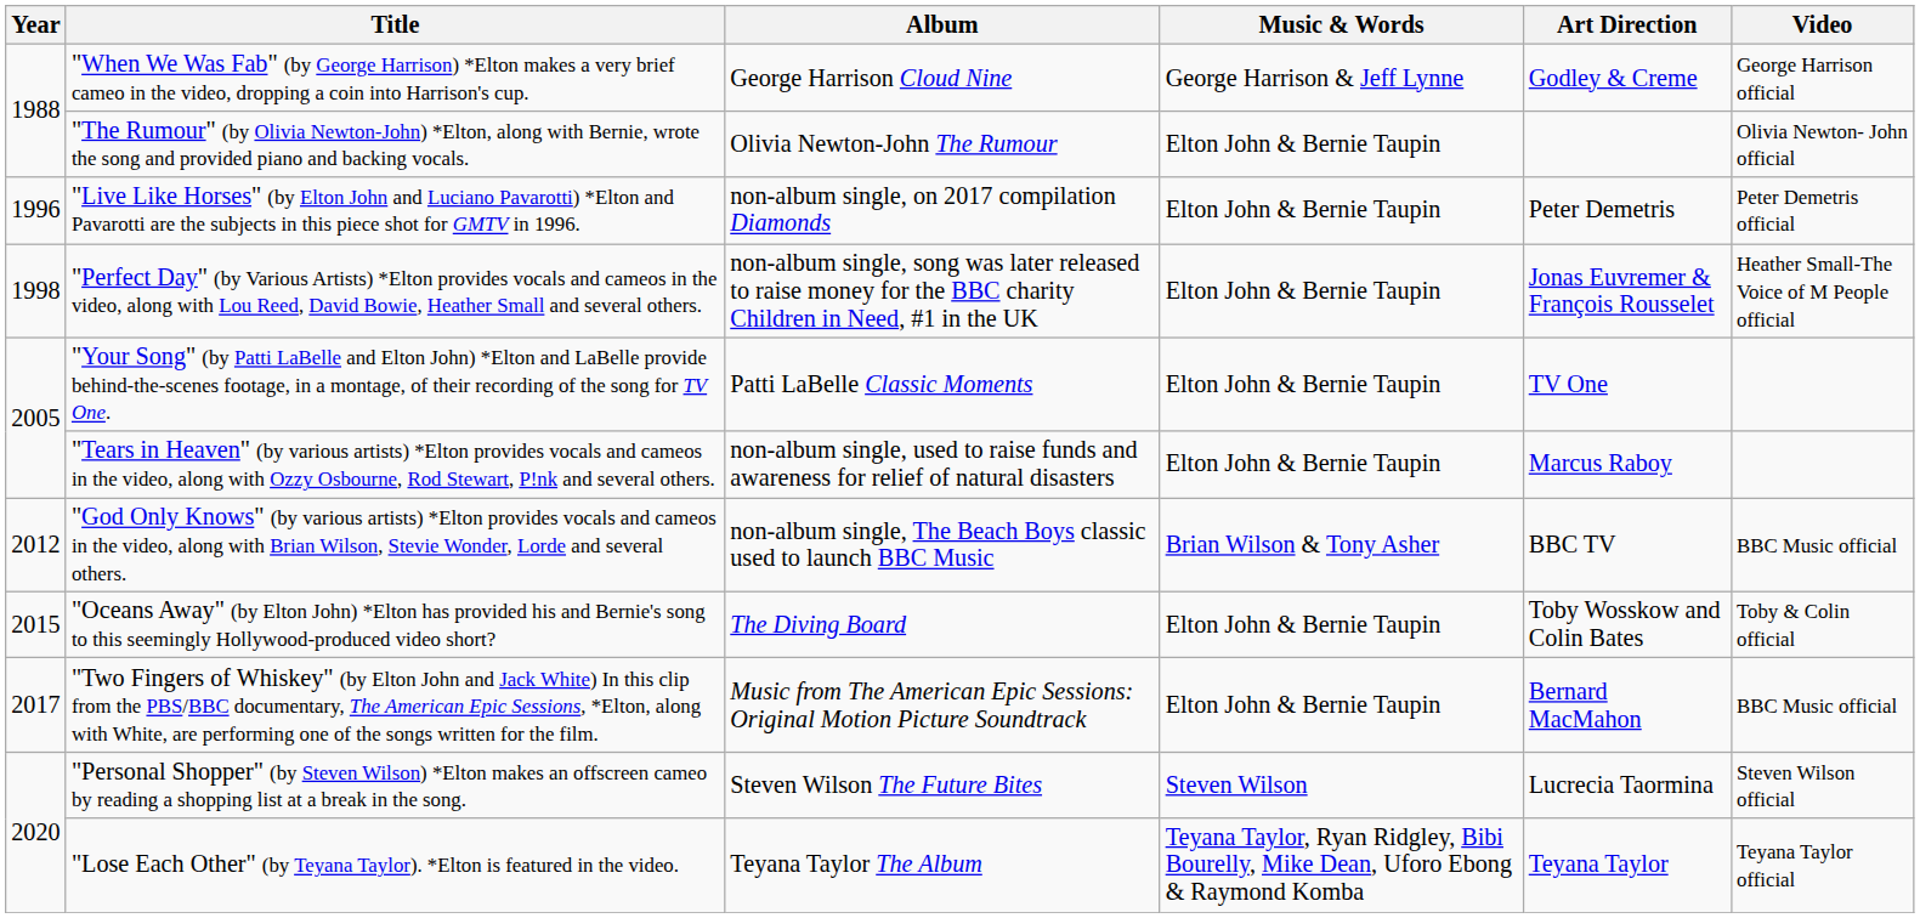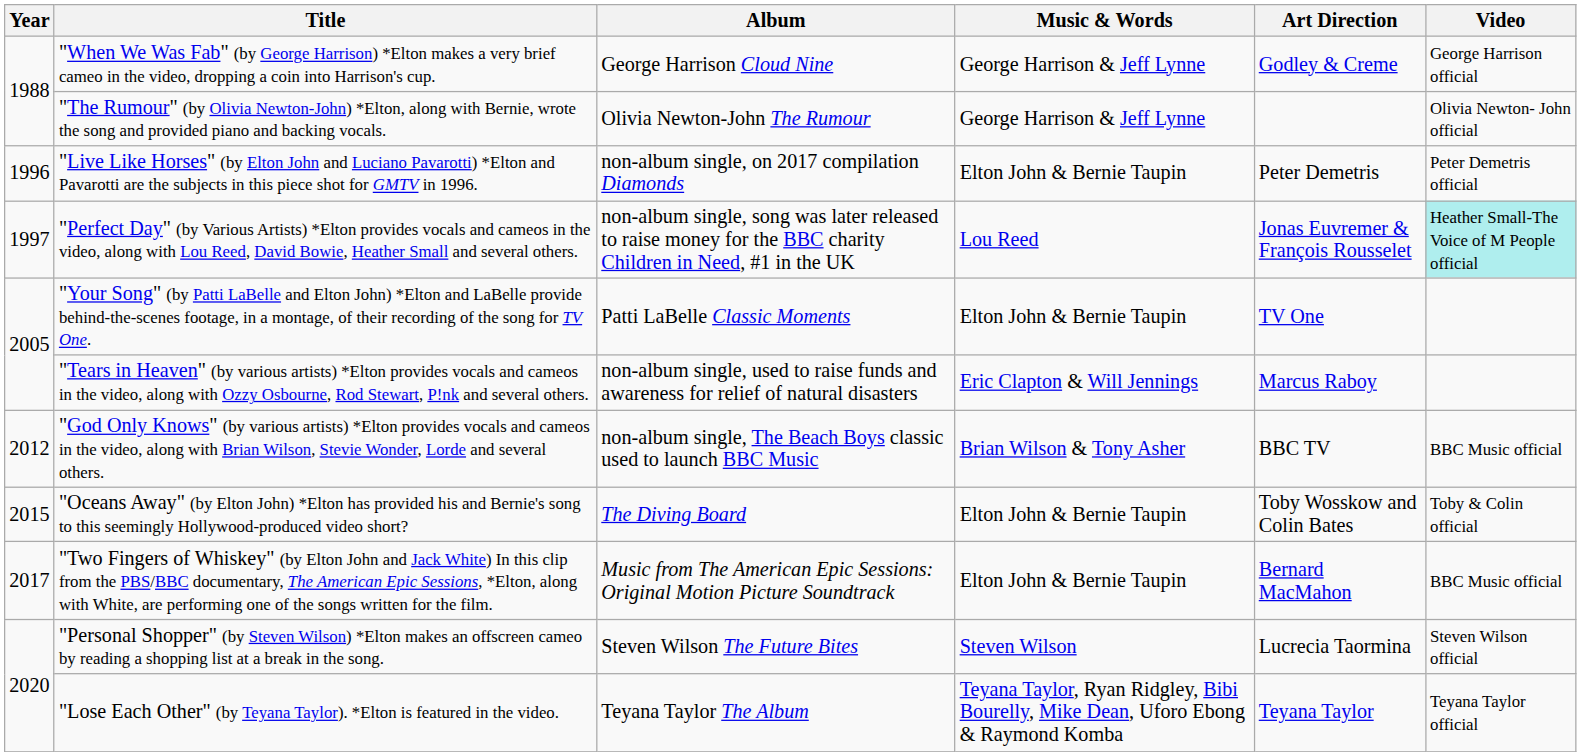 <table class="wikitable">
 <tr>
 <th>Year</th>
 <th>Title</th>
 <th>Album</th>
 <th>Music & Words</th>
 <th>Art Direction</th>
 <th>Video</th>
 </tr>
 <tr>
 <td rowspan="2">1988</td>
 <td>"<a href='#'>When We Was Fab</a>" <small>(by <a href='#'>George Harrison</a>) *Elton makes a very brief cameo in the video, dropping a coin into Harrison's cup.</small></td>
 <td>George Harrison <em><a href='#'>Cloud Nine</a></em></td>
 <td>George Harrison & <a href='#'>Jeff Lynne</a></td>
 <td><a href='#'>Godley & Creme</a></td>
 <td> <small>George Harrison official</small></td>
 </tr>
 <tr>
 <td>"<a href='#'>The Rumour</a>" <small>(by <a href='#'>Olivia Newton-John</a>) *Elton, along with Bernie, wrote the song and provided piano and backing vocals.</small></td>
 <td>Olivia Newton-John <em><a href='#'> The Rumour</a></em></td>
-<td>Elton John & Bernie Taupin</td>
+<td>George Harrison & <a href='#'>Jeff Lynne</a></td>
 <td></td>
 <td> <small>Olivia Newton- John official</small></td>
 </tr>
 <tr>
 <td>1996</td>
 <td>"<a href='#'>Live Like Horses</a>" <small>(by <a href='#'>Elton John</a> and <a href='#'>Luciano Pavarotti</a>) *Elton and Pavarotti are the subjects in this piece shot for <em><a href='#'>GMTV</a></em> in 1996.</small></td>
 <td>non-album single, on 2017 compilation <em><a href='#'>Diamonds</a></em></td>
 <td>Elton John & Bernie Taupin</td>
 <td>Peter Demetris</td>
 <td> <small>Peter Demetris official</small></td>
 </tr>
 <tr>
-<td>1998</td>
+<td>1997</td>
 <td>"<a href='#'>Perfect Day</a>" <small>(by Various Artists) *Elton provides vocals and cameos in the video, along with <a href='#'>Lou Reed</a>, <a href='#'>David Bowie</a>, <a href='#'>Heather Small</a> and several others.</small></td>
 <td>non-album single, song was later released to raise money for the <a href='#'>BBC</a> charity <a href='#'>Children in Need</a>, #1 in the UK</td>
-<td>Elton John & Bernie Taupin</td>
+<td><a href='#'>Lou Reed</a></td>
 <td><a href='#'>Jonas Euvremer & François Rousselet</a></td>
-<td> <small>Heather Small-The Voice of M People official</small></td>
+<td style="background: paleturquoise;"> <small>Heather Small-The Voice of M People official</small></td>
 </tr>
 <tr>
 <td rowspan="2">2005</td>
 <td>"<a href='#'>Your Song</a>" <small>(by <a href='#'>Patti LaBelle</a> and Elton John) *Elton and LaBelle provide behind-the-scenes footage, in a montage, of their recording of the song for <em><a href='#'>TV One</a></em>.</small></td>
 <td>Patti LaBelle <em><a href='#'>Classic Moments</a></em></td>
 <td>Elton John & Bernie Taupin</td>
 <td><a href='#'>TV One</a></td>
 <td></td>
 </tr>
 <tr>
 <td>"<a href='#'>Tears in Heaven</a>" <small>(by various artists) *Elton provides vocals and cameos in the video, along with <a href='#'>Ozzy Osbourne</a>, <a href='#'>Rod Stewart</a>, <a href='#'>P!nk</a> and several others.</small></td>
 <td>non-album single, used to raise funds and awareness for relief of natural disasters</td>
-<td>Elton John & Bernie Taupin</td>
+<td><a href='#'>Eric Clapton</a> & <a href='#'>Will Jennings</a></td>
 <td><a href='#'>Marcus Raboy</a></td>
 <td></td>
 </tr>
 <tr>
 <td>2012</td>
 <td>"<a href='#'>God Only Knows</a>" <small>(by various artists) *Elton provides vocals and cameos in the video, along with <a href='#'>Brian Wilson</a>, <a href='#'>Stevie Wonder</a>, <a href='#'>Lorde</a> and several others.</small></td>
 <td>non-album single, <a href='#'>The Beach Boys</a> classic used to launch <a href='#'>BBC Music</a></td>
 <td><a href='#'>Brian Wilson</a> & <a href='#'>Tony Asher</a></td>
 <td>BBC TV</td>
 <td> <small>BBC Music official</small></td>
 </tr>
 <tr>
 <td>2015</td>
 <td>"Oceans Away" <small>(by Elton John) *Elton has provided his and Bernie's song to this seemingly Hollywood-produced video short?</small></td>
 <td><em><a href='#'>The Diving Board</a></em></td>
 <td>Elton John & Bernie Taupin</td>
 <td>Toby Wosskow and Colin Bates</td>
 <td> <small>Toby & Colin official</small></td>
 </tr>
 <tr>
 <td>2017</td>
 <td>"Two Fingers of Whiskey" <small>(by Elton John and <a href='#'>Jack White</a>) In this clip from the <a href='#'>PBS</a>/<a href='#'>BBC</a> documentary, <em><a href='#'>The American Epic Sessions</a></em>, *Elton, along with White, are performing one of the songs written for the film.</small></td>
 <td><em>Music from The American Epic Sessions: Original Motion Picture Soundtrack</em></td>
 <td>Elton John & Bernie Taupin</td>
 <td><a href='#'>Bernard MacMahon</a></td>
 <td> <small>BBC Music official</small></td>
 </tr>
 <tr>
 <td rowspan="2">2020</td>
 <td>"Personal Shopper" <small>(by <a href='#'>Steven Wilson</a>) *Elton makes an offscreen cameo by reading a shopping list at a break in the song.</small></td>
 <td>Steven Wilson <em><a href='#'>The Future Bites</a></em></td>
 <td><a href='#'>Steven Wilson</a></td>
 <td>Lucrecia Taormina</td>
 <td> <small>Steven Wilson official</small></td>
 </tr>
 <tr>
 <td>"Lose Each Other" <small>(by <a href='#'>Teyana Taylor</a>). *Elton is featured in the video.</small></td>
 <td>Teyana Taylor <em><a href='#'>The Album</a></em></td>
 <td><a href='#'>Teyana Taylor</a>, Ryan Ridgley, <a href='#'>Bibi Bourelly</a>, <a href='#'>Mike Dean</a>, Uforo Ebong & Raymond Komba</td>
 <td><a href='#'>Teyana Taylor</a></td>
 <td> <small>Teyana Taylor official</small></td>
 </tr>
 </table>
